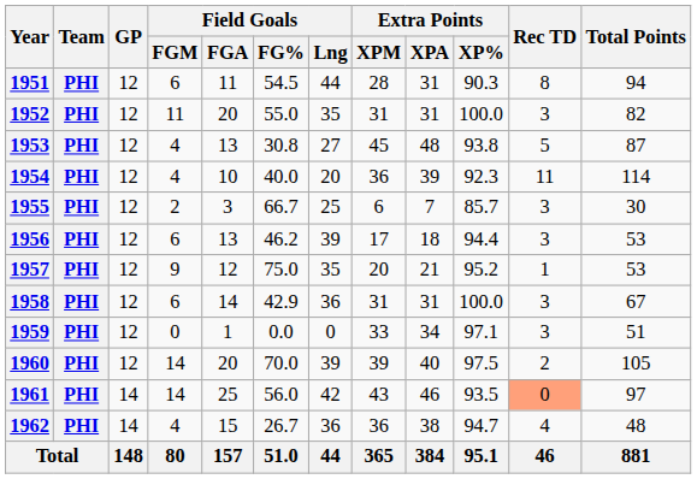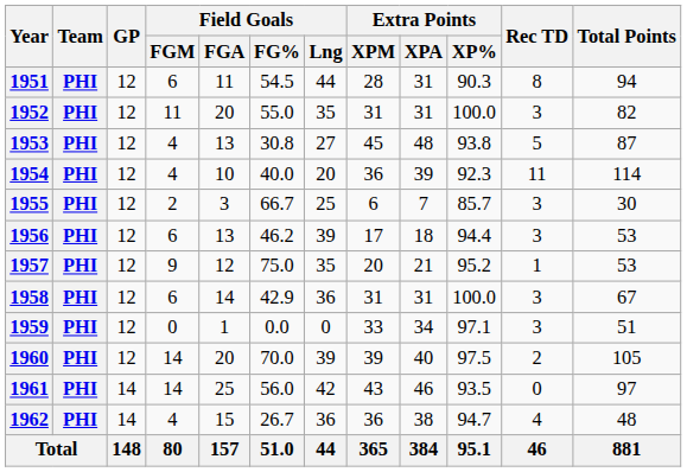 <table class="wikitable" style="text-align:center">
 <tr>
 <th rowspan="2">Year</th>
 <th rowspan="2">Team</th>
 <th rowspan="2">GP</th>
 <th colspan="4">Field Goals</th>
 <th colspan="3">Extra Points</th>
 <th rowspan="2">Rec TD</th>
 <th rowspan="2">Total Points</th>
 </tr>
 <tr>
 <th>FGM</th>
 <th>FGA</th>
 <th>FG%</th>
 <th>Lng</th>
 <th>XPM</th>
 <th>XPA</th>
 <th>XP%</th>
 </tr>
 <tr>
 <th><a href='#'>1951</a></th>
 <th><a href='#'>PHI</a></th>
 <td>12</td>
 <td>6</td>
 <td>11</td>
 <td>54.5</td>
 <td>44</td>
 <td>28</td>
 <td>31</td>
 <td>90.3</td>
 <td>8</td>
 <td>94</td>
 </tr>
 <tr>
 <th><a href='#'>1952</a></th>
 <th><a href='#'>PHI</a></th>
 <td>12</td>
 <td>11</td>
 <td>20</td>
 <td>55.0</td>
 <td>35</td>
 <td>31</td>
 <td>31</td>
 <td>100.0</td>
 <td>3</td>
 <td>82</td>
 </tr>
 <tr>
 <th><a href='#'>1953</a></th>
 <th><a href='#'>PHI</a></th>
 <td>12</td>
 <td>4</td>
 <td>13</td>
 <td>30.8</td>
 <td>27</td>
 <td>45</td>
 <td>48</td>
 <td>93.8</td>
 <td>5</td>
 <td>87</td>
 </tr>
 <tr>
 <th><a href='#'>1954</a></th>
 <th><a href='#'>PHI</a></th>
 <td>12</td>
 <td>4</td>
 <td>10</td>
 <td>40.0</td>
 <td>20</td>
 <td>36</td>
 <td>39</td>
 <td>92.3</td>
 <td>11</td>
 <td>114</td>
 </tr>
 <tr>
 <th><a href='#'>1955</a></th>
 <th><a href='#'>PHI</a></th>
 <td>12</td>
 <td>2</td>
 <td>3</td>
 <td>66.7</td>
 <td>25</td>
 <td>6</td>
 <td>7</td>
 <td>85.7</td>
 <td>3</td>
 <td>30</td>
 </tr>
 <tr>
 <th><a href='#'>1956</a></th>
 <th><a href='#'>PHI</a></th>
 <td>12</td>
 <td>6</td>
 <td>13</td>
 <td>46.2</td>
 <td>39</td>
 <td>17</td>
 <td>18</td>
 <td>94.4</td>
 <td>3</td>
 <td>53</td>
 </tr>
 <tr>
 <th><a href='#'>1957</a></th>
 <th><a href='#'>PHI</a></th>
 <td>12</td>
 <td>9</td>
 <td>12</td>
 <td>75.0</td>
 <td>35</td>
 <td>20</td>
 <td>21</td>
 <td>95.2</td>
 <td>1</td>
 <td>53</td>
 </tr>
 <tr>
 <th><a href='#'>1958</a></th>
 <th><a href='#'>PHI</a></th>
 <td>12</td>
 <td>6</td>
 <td>14</td>
 <td>42.9</td>
 <td>36</td>
 <td>31</td>
 <td>31</td>
 <td>100.0</td>
 <td>3</td>
 <td>67</td>
 </tr>
 <tr>
 <th><a href='#'>1959</a></th>
 <th><a href='#'>PHI</a></th>
 <td>12</td>
 <td>0</td>
 <td>1</td>
 <td>0.0</td>
 <td>0</td>
 <td>33</td>
 <td>34</td>
 <td>97.1</td>
 <td>3</td>
 <td>51</td>
 </tr>
 <tr>
 <th><a href='#'>1960</a></th>
 <th><a href='#'>PHI</a></th>
 <td>12</td>
 <td>14</td>
 <td>20</td>
 <td>70.0</td>
 <td>39</td>
 <td>39</td>
 <td>40</td>
 <td>97.5</td>
 <td>2</td>
 <td>105</td>
 </tr>
 <tr>
 <th><a href='#'>1961</a></th>
 <th><a href='#'>PHI</a></th>
 <td>14</td>
 <td>14</td>
 <td>25</td>
 <td>56.0</td>
 <td>42</td>
 <td>43</td>
 <td>46</td>
 <td>93.5</td>
-<td style="background: lightsalmon;">0</td>
+<td>0</td>
 <td>97</td>
 </tr>
 <tr>
 <th><a href='#'>1962</a></th>
 <th><a href='#'>PHI</a></th>
 <td>14</td>
 <td>4</td>
 <td>15</td>
 <td>26.7</td>
 <td>36</td>
 <td>36</td>
 <td>38</td>
 <td>94.7</td>
 <td>4</td>
 <td>48</td>
 </tr>
 <tr>
 <th colspan="2">Total</th>
 <th>148</th>
 <th>80</th>
 <th>157</th>
 <th>51.0</th>
 <th>44</th>
 <th>365</th>
 <th>384</th>
 <th>95.1</th>
 <th>46</th>
 <th>881</th>
 </tr>
 </table>
